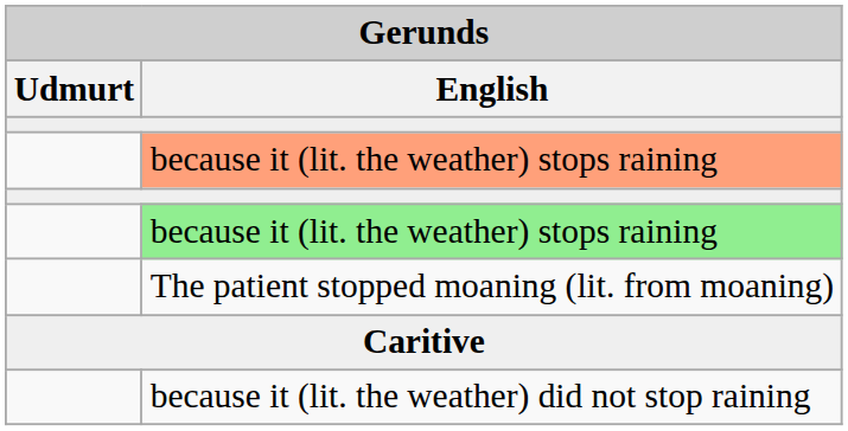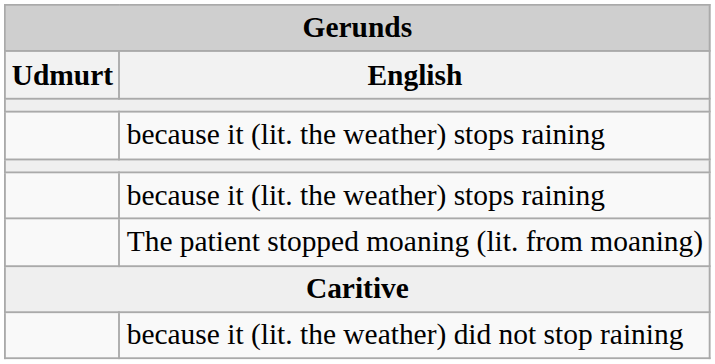 <table class="wikitable">
 <tr>
 <th colspan="2" style="background:#cfcfcf;">Gerunds</th>
 </tr>
 <tr style="background:#dfdfdf;" |>
 <th>Udmurt</th>
 <th>English</th>
 </tr>
 <tr>
 <th colspan="2" style="background:#efefef"><em></em></th>
 </tr>
 <tr>
 <td></td>
-<td style="background: lightsalmon;">because it (lit. the weather) stops raining</td>
+<td>because it (lit. the weather) stops raining</td>
 </tr>
 <tr>
 <th colspan="2" style="background:#efefef"><em></em></th>
 </tr>
 <tr>
 <td></td>
-<td style="background: lightgreen;">because it (lit. the weather) stops raining</td>
+<td>because it (lit. the weather) stops raining</td>
 </tr>
 <tr>
 <td></td>
 <td>The patient stopped moaning (lit. from moaning)</td>
 </tr>
 <tr>
 <th colspan="2" style="background:#efefef">Caritive</th>
 </tr>
 <tr>
 <td></td>
 <td>because it (lit. the weather) did not stop raining</td>
 </tr>
 </table>
